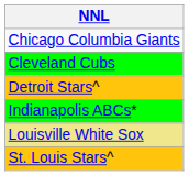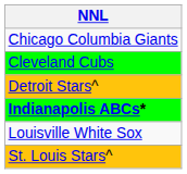 <table class="wikitable" style="font-size:100%;line-height:1.1;">
 <tr>
 <th><a href='#'>NNL</a></th>
 </tr>
 <tr>
 <td><a href='#'>Chicago Columbia Giants</a></td>
 </tr>
 <tr>
 <td style="background-color: #00FF00;"><a href='#'>Cleveland Cubs</a></td>
 </tr>
 <tr>
 <td style="background-color: #FFC40C;"><a href='#'>Detroit Stars</a>^</td>
 </tr>
 <tr>
-<td style="background-color: #00FF00;"><a href='#'>Indianapolis ABCs</a>*</td>
+<td style="background-color: #00FF00;"><strong><a href='#'>Indianapolis ABCs</a>*</strong></td>
 </tr>
 <tr>
-<td style="background: khaki;"><a href='#'>Louisville White Sox</a></td>
+<td><a href='#'>Louisville White Sox</a></td>
 </tr>
 <tr>
 <td style="background-color: #FFC40C;"><a href='#'>St. Louis Stars</a>^</td>
 </tr>
 </table>
